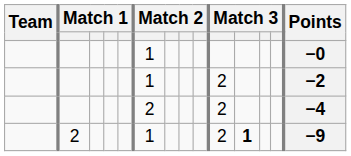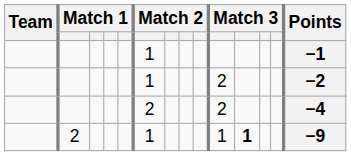 <table class="wikitable sortable" style="text-align:center;">
 <tr>
 <th rowspan=2>Team</th>
 <th colspan=4 style="border-left:3px solid gray">Match 1</th>
 <th colspan=4 style="border-left:3px solid gray">Match 2</th>
 <th colspan=4 style="border-left:3px solid gray">Match 3</th>
 <th rowspan=2 style="border-left:3px solid gray">Points</th>
 </tr>
 <tr>
 <th style="border-left:3px solid gray"></th>
 <th></th>
 <th></th>
 <th></th>
 <th style="border-left:3px solid gray"></th>
 <th></th>
 <th></th>
 <th></th>
 <th style="border-left:3px solid gray"></th>
 <th></th>
 <th></th>
 <th></th>
 </tr>
 <tr>
 <td align=left></td>
 <td style="border-left:3px solid gray"></td>
 <td></td>
 <td></td>
 <td></td>
 <td style="border-left:3px solid gray">1</td>
 <td></td>
 <td></td>
 <td></td>
 <td style="border-left:3px solid gray"></td>
 <td></td>
 <td></td>
 <td></td>
-<th style="border-left:3px solid gray">−0</th>
+<th style="border-left:3px solid gray">−1</th>
 </tr>
 <tr>
 <td align=left></td>
 <td style="border-left:3px solid gray"></td>
 <td></td>
 <td></td>
 <td></td>
 <td style="border-left:3px solid gray">1</td>
 <td></td>
 <td></td>
 <td></td>
 <td style="border-left:3px solid gray">2</td>
 <td></td>
 <td></td>
 <td></td>
 <th style="border-left:3px solid gray">−2</th>
 </tr>
 <tr>
 <td align=left></td>
 <td style="border-left:3px solid gray"></td>
 <td></td>
 <td></td>
 <td></td>
 <td style="border-left:3px solid gray">2</td>
 <td></td>
 <td></td>
 <td></td>
 <td style="border-left:3px solid gray">2</td>
 <td></td>
 <td></td>
 <td></td>
 <th style="border-left:3px solid gray">−4</th>
 </tr>
 <tr>
 <td align=left></td>
 <td style="border-left:3px solid gray">2</td>
 <td></td>
 <td></td>
 <td></td>
 <td style="border-left:3px solid gray">1</td>
 <td></td>
 <td></td>
 <td></td>
-<td style="border-left:3px solid gray">2</td>
+<td style="border-left:3px solid gray">1</td>
 <td><strong>1</strong></td>
 <td></td>
 <td></td>
 <th style="border-left:3px solid gray">−9</th>
 </tr>
 </table>
